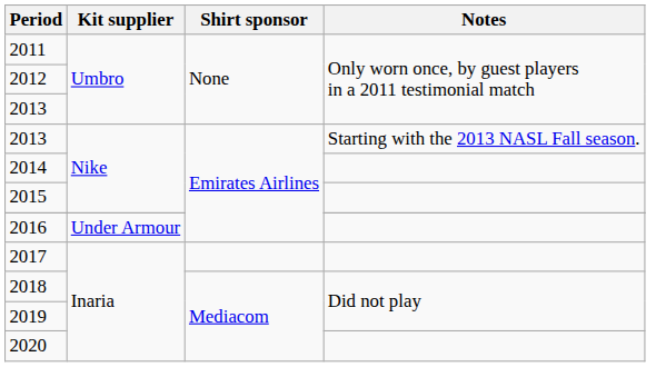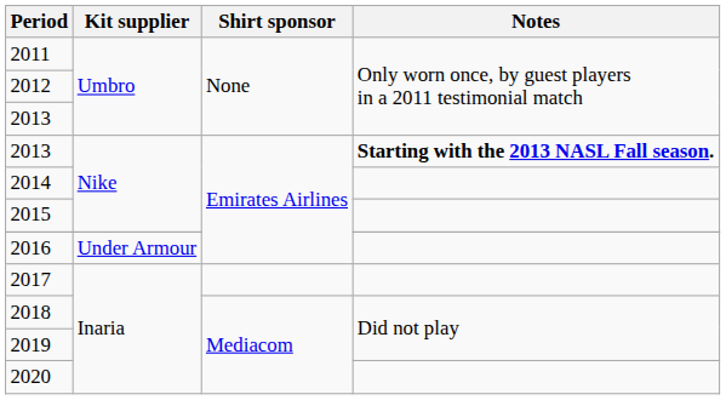 <table class="wikitable" style="text-align: left">
 <tr>
 <th>Period</th>
 <th>Kit supplier</th>
 <th>Shirt sponsor</th>
 <th>Notes</th>
 </tr>
 <tr>
 <td>2011</td>
 <td rowspan="3"><a href='#'>Umbro</a></td>
 <td rowspan="3">None</td>
 <td rowspan="3">Only worn once, by guest players<br>in a 2011 testimonial match</td>
 </tr>
 <tr>
 <td>2012</td>
 </tr>
 <tr>
 <td>2013</td>
 </tr>
 <tr>
 <td>2013</td>
 <td rowspan="3"><a href='#'>Nike</a></td>
 <td rowspan="5"><a href='#'>Emirates Airlines</a></td>
-<td>Starting with the <a href='#'>2013 NASL Fall season</a>.</td>
+<td><strong>Starting with the <a href='#'>2013 NASL Fall season</a>.</strong></td>
 </tr>
 <tr>
 <td>2014</td>
 <td></td>
 </tr>
 <tr>
 <td>2015</td>
 <td></td>
 </tr>
 <tr>
 </tr>
 <tr>
 <td>2016</td>
 <td><a href='#'>Under Armour</a></td>
 <td></td>
 </tr>
 <tr>
 <td>2017</td>
 <td rowspan="4">Inaria</td>
 <td></td>
 </tr>
 <tr>
 <td>2018</td>
 <td rowspan="3"><a href='#'>Mediacom</a></td>
 <td rowspan="2">Did not play</td>
 </tr>
 <tr>
 <td>2019</td>
 </tr>
 <tr>
 <td>2020</td>
 <td></td>
 </tr>
 </table>
